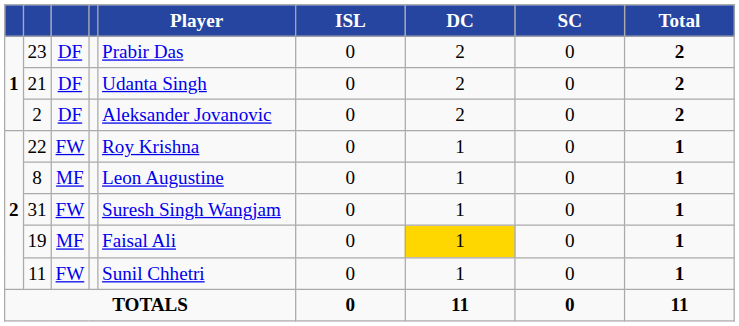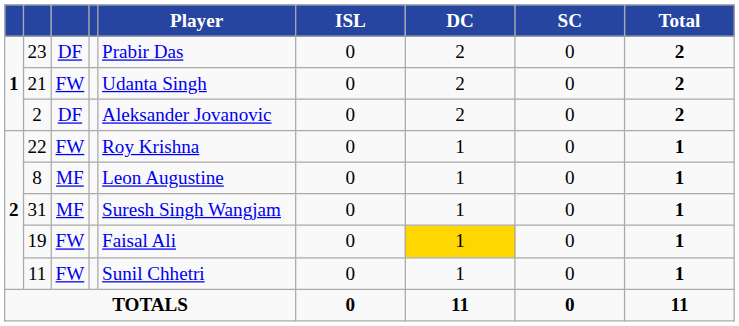 <table class="wikitable" style="font-size: 95%; text-align: center;">
 <tr>
 <th rowspan="1" !width=15 style="background:#2545A0; color:#FFFFFF; "></th>
 <th rowspan="1" !width=15 style="background:#2545A0; color:#FFFFFF; "></th>
 <th rowspan="1" !width=15 style="background:#2545A0; color:#FFFFFF; "></th>
 <th rowspan="1" !width=15 style="background:#2545A0; color:#FFFFFF; "></th>
 <th width=150 style="background:#2545A0; color:#FFFFFF; ">Player</th>
 <th width=80 style="background:#2545A0; color:#FFFFFF; ">ISL</th>
 <th width=80 style="background:#2545A0; color:#FFFFFF; ">DC</th>
 <th width=80 style="background:#2545A0; color:#FFFFFF; ">SC</th>
 <th width=80 style="background:#2545A0; color:#FFFFFF; ">Total</th>
 </tr>
 <tr>
 <td rowspan=3><strong>1</strong></td>
 <td>23</td>
 <td><a href='#'>DF</a></td>
 <td></td>
 <td align=left><a href='#'>Prabir Das</a></td>
 <td>0</td>
 <td>2</td>
 <td>0</td>
 <td><strong>2</strong></td>
 </tr>
 <tr>
 <td>21</td>
-<td><a href='#'>DF</a></td>
+<td><a href='#'>FW</a></td>
 <td></td>
 <td align=left><a href='#'>Udanta Singh</a></td>
 <td>0</td>
 <td>2</td>
 <td>0</td>
 <td><strong>2</strong></td>
 </tr>
 <tr>
 <td>2</td>
 <td><a href='#'>DF</a></td>
 <td> </td>
 <td align=left><a href='#'>Aleksander Jovanovic</a></td>
 <td>0</td>
 <td>2</td>
 <td>0</td>
 <td><strong>2</strong></td>
 </tr>
 <tr>
 <td rowspan=5><strong>2</strong></td>
 <td>22</td>
 <td><a href='#'>FW</a></td>
 <td></td>
 <td align=left><a href='#'>Roy Krishna</a></td>
 <td>0</td>
 <td>1</td>
 <td>0</td>
 <td><strong>1</strong></td>
 </tr>
 <tr>
 <td>8</td>
 <td><a href='#'>MF</a></td>
 <td></td>
 <td align=left><a href='#'>Leon Augustine</a></td>
 <td>0</td>
 <td>1</td>
 <td>0</td>
 <td><strong>1</strong></td>
 </tr>
 <tr>
 <td>31</td>
-<td><a href='#'>FW</a></td>
+<td><a href='#'>MF</a></td>
 <td></td>
 <td align=left><a href='#'>Suresh Singh Wangjam</a></td>
 <td>0</td>
 <td>1</td>
 <td>0</td>
 <td><strong>1</strong></td>
 </tr>
 <tr>
 <td>19</td>
-<td><a href='#'>MF</a></td>
+<td><a href='#'>FW</a></td>
 <td></td>
 <td align=left><a href='#'>Faisal Ali</a></td>
 <td>0</td>
 <td style="background: gold;">1</td>
 <td>0</td>
 <td><strong>1</strong></td>
 </tr>
 <tr>
 <td>11</td>
 <td><a href='#'>FW</a></td>
 <td></td>
 <td align=left><a href='#'>Sunil Chhetri</a></td>
 <td>0</td>
 <td>1</td>
 <td>0</td>
 <td><strong>1</strong></td>
 </tr>
 <tr>
 <td colspan="5"><strong>TOTALS</strong></td>
 <td><strong>0</strong></td>
 <td><strong>11</strong></td>
 <td><strong>0</strong></td>
 <td><strong>11</strong></td>
 </tr>
 </table>
